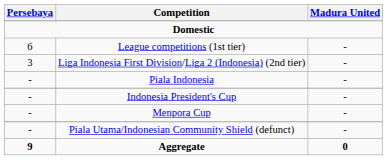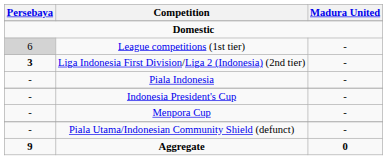 <table class="wikitable sortable">
 <tr>
 <th><a href='#'>Persebaya</a></th>
 <th>Competition</th>
 <th><a href='#'>Madura United</a></th>
 </tr>
 <tr>
 </tr>
 <tr style="text-align:center;">
 <td colspan="3"><strong>Domestic</strong></td>
 </tr>
 <tr style="text-align:center;">
-<td>6</td>
+<td style="background: lightgrey;">6</td>
 <td><a href='#'>League competitions</a> (1st tier)</td>
 <td>-</td>
 </tr>
 <tr style="text-align:center;">
-<td>3</td>
+<td><strong>3</strong></td>
 <td><a href='#'>Liga Indonesia First Division</a>/<a href='#'>Liga 2 (Indonesia)</a> (2nd tier)</td>
 <td>-</td>
 </tr>
 <tr style="text-align:center;">
 <td>-</td>
 <td><a href='#'>Piala Indonesia</a></td>
 <td>-</td>
 </tr>
 <tr>
 </tr>
 <tr style="text-align:center;">
 <td>-</td>
 <td><a href='#'>Indonesia President's Cup</a></td>
 <td>-</td>
 </tr>
 <tr style="text-align:center;">
 <td>-</td>
 <td><a href='#'>Menpora Cup</a></td>
 <td>-</td>
 </tr>
 <tr>
 </tr>
 <tr style="text-align:center;">
 <td>-</td>
 <td><a href='#'>Piala Utama/Indonesian Community Shield</a> (defunct)</td>
 <td>-</td>
 </tr>
 <tr align="center">
 <td><strong>9</strong></td>
 <td><strong>Aggregate</strong></td>
 <td><strong>0</strong></td>
 </tr>
 </table>
